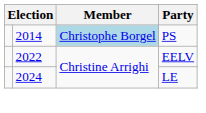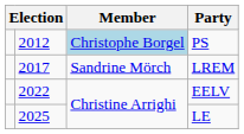 <table class="wikitable">
 <tr>
 <th colspan="2">Election</th>
 <th>Member</th>
 <th>Party</th>
 </tr>
 <tr>
 <td style="color:inherit;background-color:"></td>
-<td><a href='#'>2014</a></td>
+<td><a href='#'>2012</a></td>
 <td style="background: lightblue;"><a href='#'>Christophe Borgel</a></td>
 <td><a href='#'>PS</a></td>
+</tr>
+<tr>
+<td style="color:inherit;background-color: "></td>
+<td><a href='#'>2017</a></td>
+<td><a href='#'>Sandrine Mörch</a></td>
+<td><a href='#'>LREM</a></td>
 </tr>
 <tr>
 <td style="color:inherit;background-color: "></td>
 <td><a href='#'>2022</a></td>
 <td rowspan="2"><a href='#'>Christine Arrighi</a></td>
 <td><a href='#'>EELV</a></td>
 </tr>
 <tr>
 <td style="color:inherit;background-color: "></td>
-<td><a href='#'>2024</a></td>
+<td><a href='#'>2025</a></td>
 <td><a href='#'>LE</a></td>
 </tr>
 </table>
